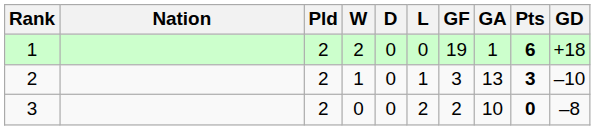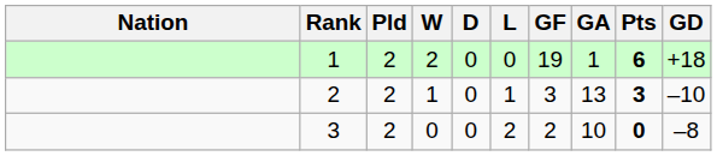 <table class="wikitable" style="text-align:center;">
 <tr>
+<th width=200>Nation</th>
 <th width=5>Rank</th>
-<th width=200>Nation</th>
 <th width=20 abbr="Played">Pld</th>
 <th width=20 abbr="Won">W</th>
 <th width=20 abbr="Drawn">D</th>
 <th width=20 abbr="Lost">L</th>
 <th width=20 abbr="Goals for">GF</th>
 <th width=20 abbr="Goals against">GA</th>
 <th width=20 abbr="Points">Pts</th>
 <th width=20 abbr="Goal difference">GD</th>
 </tr>
 <tr style="background:#ccffcc">
+<td align=left></td>
 <td>1</td>
-<td align=left></td>
 <td>2</td>
 <td>2</td>
 <td>0</td>
 <td>0</td>
 <td>19</td>
 <td>1</td>
 <td><strong>6</strong></td>
 <td>+18</td>
 </tr>
 <tr>
+<td align=left></td>
 <td>2</td>
-<td align=left></td>
 <td>2</td>
 <td>1</td>
 <td>0</td>
 <td>1</td>
 <td>3</td>
 <td>13</td>
 <td><strong>3</strong></td>
 <td>–10</td>
 </tr>
 <tr>
+<td align=left></td>
 <td>3</td>
-<td align=left></td>
 <td>2</td>
 <td>0</td>
 <td>0</td>
 <td>2</td>
 <td>2</td>
 <td>10</td>
 <td><strong>0</strong></td>
 <td>–8</td>
 </tr>
 </table>
